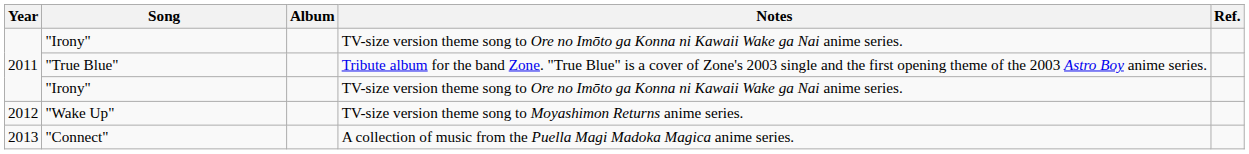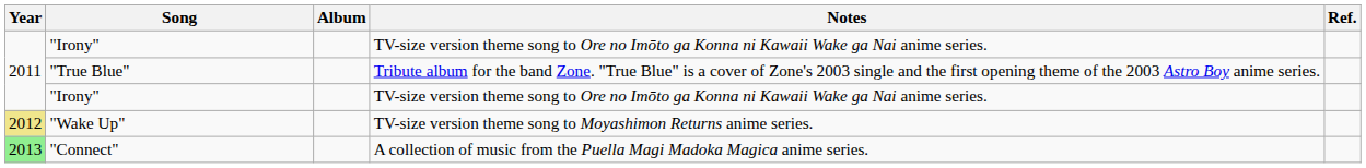 <table class="wikitable" border="1">
 <tr>
 <th rowspan="1">Year</th>
 <th rowspan="1" width="250">Song</th>
 <th rowspan="1">Album</th>
 <th rowspan="1">Notes</th>
 <th rowspan="1">Ref.</th>
 </tr>
 <tr>
 <td rowspan="3">2011</td>
 <td>"Irony"</td>
 <td></td>
 <td>TV-size version theme song to <em>Ore no Imōto ga Konna ni Kawaii Wake ga Nai</em> anime series.</td>
 <td align="center"></td>
 </tr>
 <tr>
 <td>"True Blue"</td>
 <td></td>
 <td><a href='#'>Tribute album</a> for the band <a href='#'>Zone</a>. "True Blue" is a cover of Zone's 2003 single and the first opening theme of the 2003 <em><a href='#'>Astro Boy</a></em> anime series.</td>
 <td align="center"></td>
 </tr>
 <tr>
 <td>"Irony"</td>
 <td></td>
 <td>TV-size version theme song to <em>Ore no Imōto ga Konna ni Kawaii Wake ga Nai</em> anime series.</td>
 <td align="center"></td>
 </tr>
 <tr>
-<td>2012</td>
+<td style="background: khaki;">2012</td>
 <td>"Wake Up"</td>
 <td></td>
 <td>TV-size version theme song to <em>Moyashimon Returns</em> anime series.</td>
 <td align="center"></td>
 </tr>
 <tr>
-<td>2013</td>
+<td style="background: lightgreen;">2013</td>
 <td>"Connect"</td>
 <td></td>
 <td>A collection of music from the <em>Puella Magi Madoka Magica</em> anime series.</td>
 <td align="center"></td>
 </tr>
 </table>
